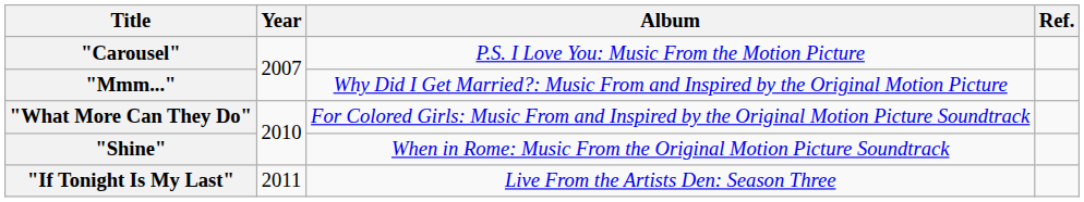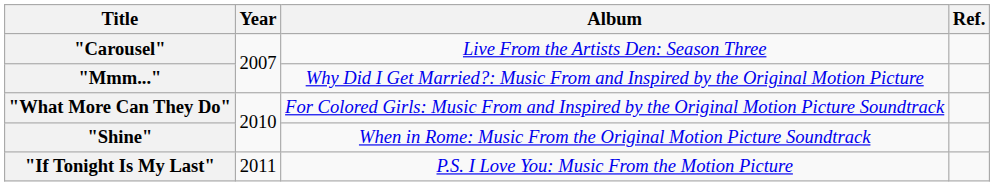 <table class="wikitable plainrowheaders" style="text-align:center">
 <tr>
 <th scope="col">Title</th>
 <th scope="col">Year</th>
 <th scope="col">Album</th>
 <th scope="col">Ref.</th>
 </tr>
 <tr>
 <th scope="row">"Carousel"</th>
 <td rowspan="2">2007</td>
-<td><em><a href='#'>P.S. I Love You: Music From the Motion Picture</a></em></td>
+<td><em><a href='#'>Live From the Artists Den: Season Three</a></em></td>
 <td></td>
 </tr>
 <tr>
 <th scope="row">"Mmm..."</th>
 <td><em><a href='#'>Why Did I Get Married?: Music From and Inspired by the Original Motion Picture</a></em></td>
 <td></td>
 </tr>
 <tr>
 <th scope="row">"What More Can They Do"</th>
 <td rowspan="2">2010</td>
 <td><em><a href='#'>For Colored Girls: Music From and Inspired by the Original Motion Picture Soundtrack</a></em></td>
 <td></td>
 </tr>
 <tr>
 <th scope="row">"Shine"</th>
 <td><em><a href='#'>When in Rome: Music From the Original Motion Picture Soundtrack</a></em></td>
 <td></td>
 </tr>
 <tr>
 <th scope="row">"If Tonight Is My Last"</th>
 <td rowspan="2">2011</td>
-<td><em><a href='#'>Live From the Artists Den: Season Three</a></em></td>
+<td><em><a href='#'>P.S. I Love You: Music From the Motion Picture</a></em></td>
 <td></td>
 </tr>
 </table>
